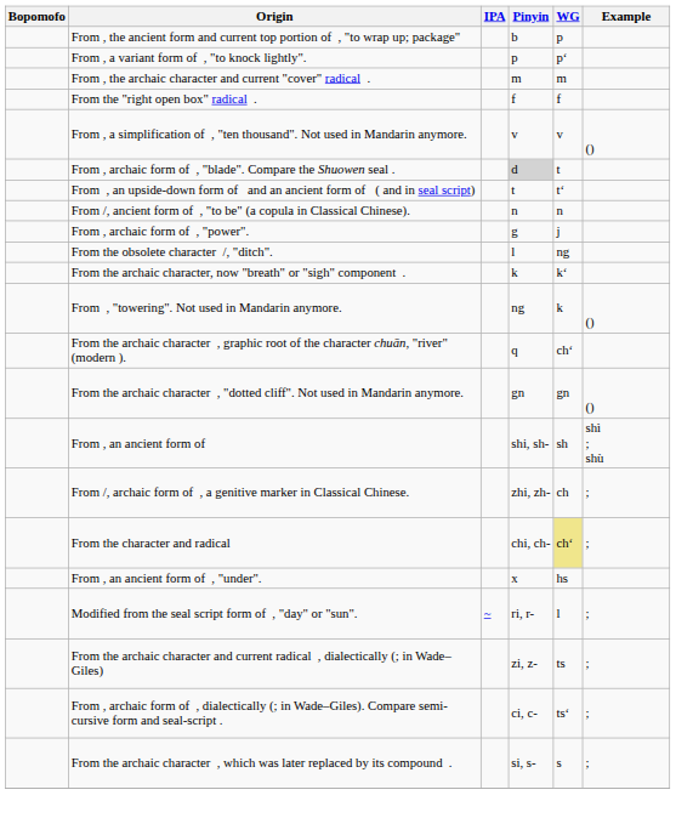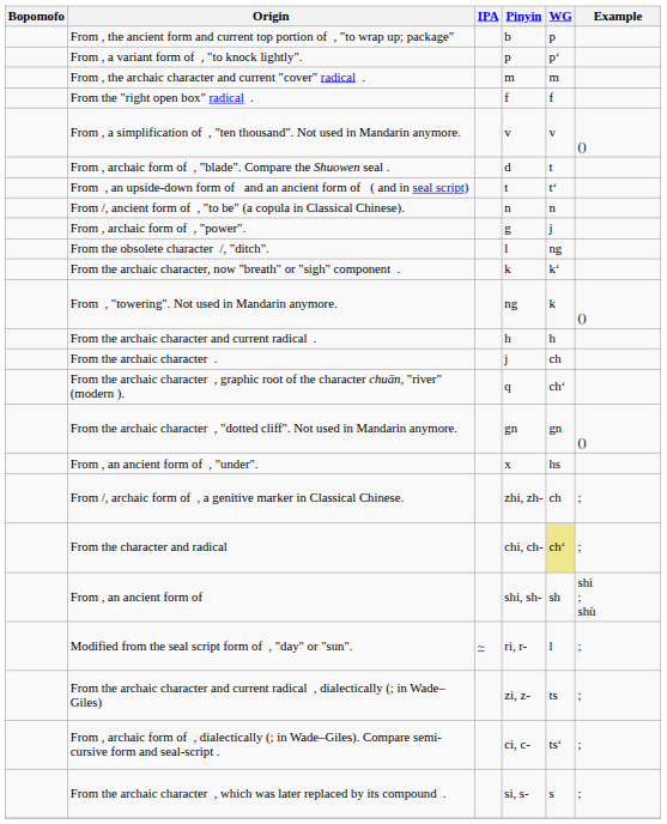 <table class="wikitable defaultcenter col2left" style="display:inline-table;">
 <tr>
 <th>Bopomofo</th>
 <th style="width:500px;">Origin</th>
 <th><a href='#'>IPA</a></th>
 <th><a href='#'>Pinyin</a></th>
 <th><a href='#'>WG</a></th>
 <th width=100>Example</th>
 </tr>
 <tr>
 <td></td>
 <td>From , the ancient form and current top portion of  , "to wrap up; package"</td>
 <td></td>
 <td>b</td>
 <td>p</td>
 <td> <br></td>
 </tr>
 <tr>
 <td></td>
 <td>From , a variant form of  , "to knock lightly".</td>
 <td></td>
 <td>p</td>
 <td>pʻ</td>
 <td> <br></td>
 </tr>
 <tr>
 <td></td>
 <td>From , the archaic character and current "cover" <a href='#'>radical</a>  .</td>
 <td></td>
 <td>m</td>
 <td>m</td>
 <td> <br></td>
 </tr>
 <tr>
 <td></td>
 <td>From the "right open box" <a href='#'>radical</a>  .</td>
 <td></td>
 <td>f</td>
 <td>f</td>
 <td> <br></td>
 </tr>
 <tr>
 <td></td>
 <td>From , a simplification of  , "ten thousand". Not used in Mandarin anymore.</td>
 <td></td>
 <td>v</td>
 <td>v</td>
 <td> <br><br>()</td>
 </tr>
 <tr>
 <td></td>
 <td>From , archaic form of  , "blade". Compare the <em>Shuowen</em> seal .</td>
 <td></td>
-<td style="background: lightgrey;">d</td>
+<td>d</td>
 <td>t</td>
 <td> <br></td>
 </tr>
 <tr>
 <td></td>
 <td>From  , an upside-down form of   and an ancient form of   ( and  in <a href='#'>seal script</a>)</td>
 <td></td>
 <td>t</td>
 <td>tʻ</td>
 <td> <br></td>
 </tr>
 <tr>
 <td></td>
 <td>From /, ancient form of  , "to be" (a copula in Classical Chinese).</td>
 <td></td>
 <td>n</td>
 <td>n</td>
 <td> <br></td>
 </tr>
 <tr>
 <td></td>
 <td>From , archaic form of  , "power".</td>
 <td></td>
 <td>g</td>
 <td>j</td>
 <td> <br></td>
 </tr>
 <tr>
 <td></td>
 <td>From the obsolete character  /, "ditch".</td>
 <td></td>
 <td>l</td>
 <td>ng</td>
 <td> <br></td>
 </tr>
 <tr>
 <td></td>
 <td>From the archaic character, now "breath" or "sigh" component  .</td>
 <td></td>
 <td>k</td>
 <td>kʻ</td>
 <td> <br></td>
 </tr>
 <tr>
 <td></td>
 <td>From  , "towering". Not used in Mandarin anymore.</td>
 <td></td>
 <td>ng</td>
 <td>k</td>
 <td> <br><br>()</td>
 </tr>
 <tr>
 <td></td>
+<td>From the archaic character and current radical  .</td>
+<td></td>
+<td>h</td>
+<td>h</td>
+<td> <br></td>
+</tr>
+<tr>
+<td></td>
+<td>From the archaic character  .</td>
+<td></td>
+<td>j</td>
+<td>ch</td>
+<td> <br></td>
+</tr>
+<tr>
+<td></td>
 <td>From the archaic character  , graphic root of the character  <em>chuān</em>, "river" (modern ).</td>
 <td></td>
 <td>q</td>
 <td>chʻ</td>
 <td> <br></td>
 </tr>
 <tr>
 <td></td>
 <td>From the archaic character  , "dotted cliff". Not used in Mandarin anymore.</td>
 <td></td>
 <td>gn</td>
 <td>gn</td>
 <td> <br><br>()</td>
 </tr>
 <tr>
 <td></td>
-<td>From , an ancient form of  </td>
+<td>From , an ancient form of  , "under".</td>
 <td></td>
-<td>shi, sh-</td>
-<td>sh</td>
-<td> shì<br>;<br> shù<br></td>
+<td>x</td>
+<td>hs</td>
+<td> <br></td>
 </tr>
 <tr>
 <td></td>
 <td>From /, archaic form of  , a genitive marker in Classical Chinese.</td>
 <td></td>
 <td>zhi, zh-</td>
 <td>ch</td>
 <td> <br>;<br> <br></td>
 </tr>
 <tr>
 <td></td>
 <td>From the character and radical  </td>
 <td></td>
 <td>chi, ch-</td>
 <td style="background: khaki;">chʻ</td>
 <td> <br>;<br> <br></td>
 </tr>
 <tr>
 <td></td>
-<td>From , an ancient form of  , "under".</td>
+<td>From , an ancient form of  </td>
 <td></td>
-<td>x</td>
-<td>hs</td>
-<td> <br></td>
+<td>shi, sh-</td>
+<td>sh</td>
+<td> shì<br>;<br> shù<br></td>
 </tr>
 <tr>
 <td></td>
 <td>Modified from the seal script  form of  , "day" or "sun".</td>
 <td><a href='#'>~</a></td>
 <td>ri, r-</td>
 <td>l</td>
 <td> <br>;<br> <br></td>
 </tr>
 <tr>
 <td></td>
 <td>From the archaic character and current radical  , dialectically  (;  in Wade–Giles)</td>
 <td></td>
 <td>zi, z-</td>
 <td>ts</td>
 <td> <br>;<br> <br></td>
 </tr>
 <tr>
 <td></td>
 <td>From , archaic form of  , dialectically  (;  in Wade–Giles). Compare semi-cursive form  and seal-script .</td>
 <td></td>
 <td>ci, c-</td>
 <td>tsʻ</td>
 <td> <br>;<br> <br></td>
 </tr>
 <tr>
 <td></td>
 <td>From the archaic character  , which was later replaced by its compound  .</td>
 <td></td>
 <td>si, s-</td>
 <td>s</td>
 <td> <br>;<br> <br></td>
 </tr>
 <tr>
 </tr>
 </table>
